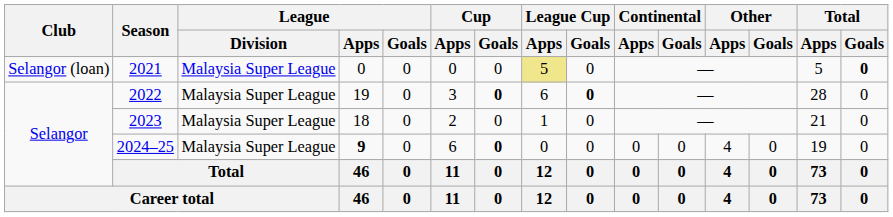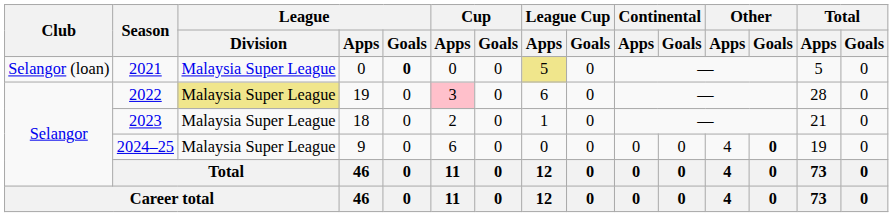 <table class="wikitable" style="text-align: center;">
 <tr>
 <th rowspan="2">Club</th>
 <th rowspan="2">Season</th>
 <th colspan="3">League</th>
 <th colspan="2">Cup</th>
 <th colspan="2">League Cup</th>
 <th colspan="2">Continental</th>
 <th colspan="2">Other</th>
 <th colspan="2">Total</th>
 </tr>
 <tr>
 <th>Division</th>
 <th>Apps</th>
 <th>Goals</th>
 <th>Apps</th>
 <th>Goals</th>
 <th>Apps</th>
 <th>Goals</th>
 <th>Apps</th>
 <th>Goals</th>
 <th>Apps</th>
 <th>Goals</th>
 <th>Apps</th>
 <th>Goals</th>
 </tr>
 <tr>
 <td><a href='#'>Selangor</a> (loan)</td>
 <td><a href='#'>2021</a></td>
 <td><a href='#'>Malaysia Super League</a></td>
 <td>0</td>
-<td>0</td>
+<td><strong>0</strong></td>
 <td>0</td>
 <td>0</td>
 <td style="background: khaki;">5</td>
 <td>0</td>
 <td colspan=4>—</td>
 <td>5</td>
-<td><strong>0</strong></td>
+<td>0</td>
 </tr>
 <tr>
 <td rowspan="4" valign="center"><a href='#'>Selangor</a></td>
 <td><a href='#'>2022</a></td>
-<td>Malaysia Super League</td>
+<td style="background: khaki;">Malaysia Super League</td>
 <td>19</td>
 <td>0</td>
-<td>3</td>
-<td><strong>0</strong></td>
+<td style="background: pink;">3</td>
+<td>0</td>
 <td>6</td>
-<td><strong>0</strong></td>
+<td>0</td>
 <td colspan=4>—</td>
 <td>28</td>
 <td>0</td>
 </tr>
 <tr>
 <td><a href='#'>2023</a></td>
 <td>Malaysia Super League</td>
 <td>18</td>
 <td>0</td>
 <td>2</td>
 <td>0</td>
 <td>1</td>
 <td>0</td>
 <td colspan=4>—</td>
 <td>21</td>
 <td>0</td>
 </tr>
 <tr>
 <td><a href='#'>2024–25</a></td>
 <td>Malaysia Super League</td>
-<td><strong>9</strong></td>
+<td>9</td>
 <td>0</td>
 <td>6</td>
-<td><strong>0</strong></td>
+<td>0</td>
 <td>0</td>
 <td>0</td>
 <td>0</td>
 <td>0</td>
 <td>4</td>
-<td>0</td>
+<td><strong>0</strong></td>
 <td>19</td>
 <td>0</td>
 </tr>
 <tr>
 <th colspan="2">Total</th>
 <th>46</th>
 <th>0</th>
 <th>11</th>
 <th>0</th>
 <th>12</th>
 <th>0</th>
 <th>0</th>
 <th>0</th>
 <th>4</th>
 <th>0</th>
 <th>73</th>
 <th>0</th>
 </tr>
 <tr>
 <th colspan="3">Career total</th>
 <th>46</th>
 <th>0</th>
 <th>11</th>
 <th>0</th>
 <th>12</th>
 <th>0</th>
 <th>0</th>
 <th>0</th>
 <th>4</th>
 <th>0</th>
 <th>73</th>
 <th>0</th>
 </tr>
 </table>
